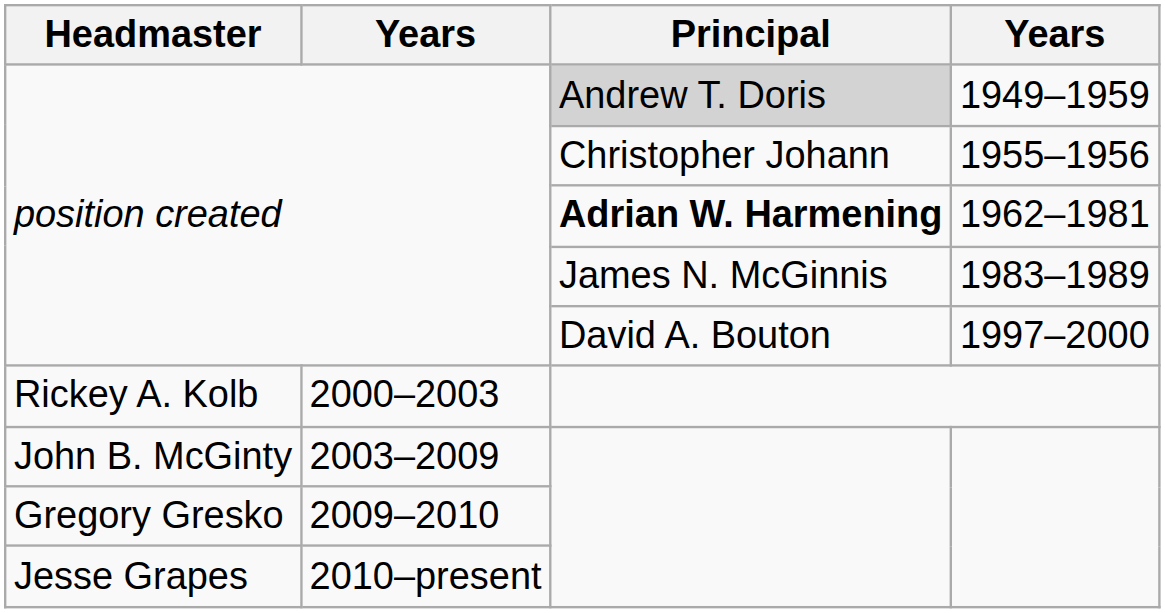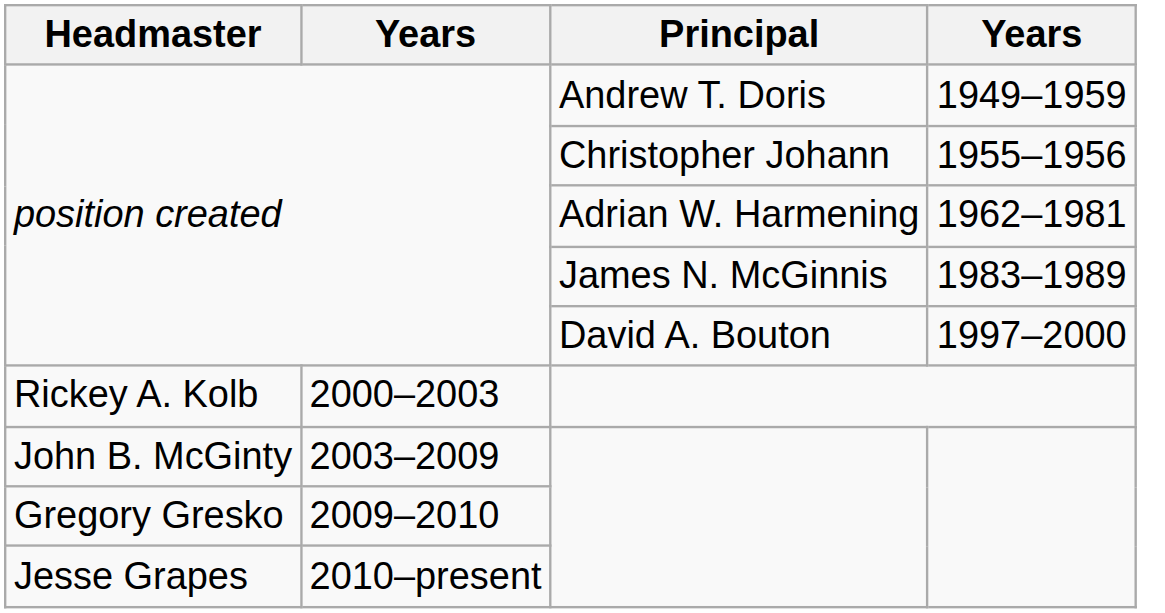 <table class="wikitable">
 <tr>
 <th>Headmaster</th>
 <th>Years</th>
 <th>Principal</th>
 <th>Years</th>
 </tr>
 <tr>
 <td colspan="2" rowspan="5"><em>position created</em></td>
-<td style="background: lightgrey;">Andrew T. Doris</td>
+<td>Andrew T. Doris</td>
 <td>1949–1959</td>
 </tr>
 <tr>
 <td>Christopher Johann</td>
 <td>1955–1956</td>
 </tr>
 <tr>
-<td><strong>Adrian W. Harmening</strong></td>
+<td>Adrian W. Harmening</td>
 <td>1962–1981</td>
 </tr>
 <tr>
 <td>James N. McGinnis</td>
 <td>1983–1989</td>
 </tr>
 <tr>
 <td>David A. Bouton</td>
 <td>1997–2000</td>
 </tr>
 <tr>
 <td>Rickey A. Kolb</td>
 <td>2000–2003</td>
 </tr>
 <tr>
 <td rowspan="2">John B. McGinty</td>
 <td rowspan="2">2003–2009</td>
 </tr>
 <tr>
 <td rowspan="3"></td>
 <td rowspan="3"></td>
 </tr>
 <tr>
 <td>Gregory Gresko</td>
 <td>2009–2010</td>
 </tr>
 <tr>
 <td>Jesse Grapes</td>
 <td>2010–present</td>
 </tr>
 </table>
